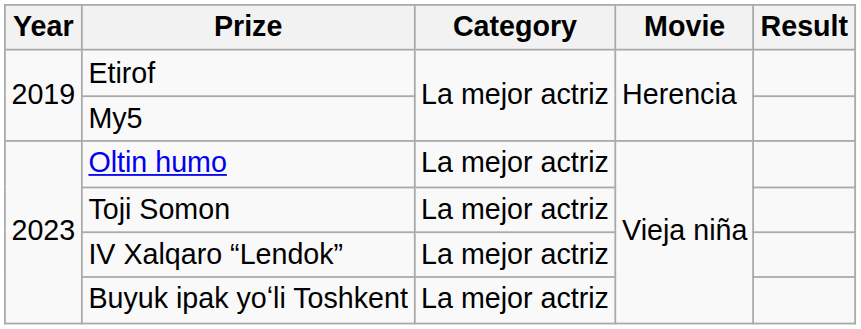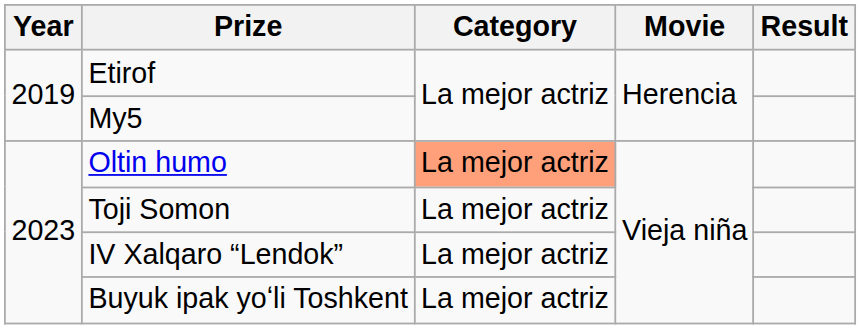 <table class="wikitable">
 <tr>
 <th>Year</th>
 <th>Prize</th>
 <th>Category</th>
 <th>Movie</th>
 <th>Result</th>
 </tr>
 <tr>
 <td rowspan="2">2019</td>
 <td>Etirof</td>
 <td rowspan="2">La mejor actriz</td>
 <td rowspan="2">Herencia</td>
 <td></td>
 </tr>
 <tr>
 <td>My5</td>
 <td></td>
 </tr>
 <tr>
 <td rowspan="4">2023</td>
 <td><a href='#'>Oltin humo</a></td>
-<td>La mejor actriz</td>
+<td style="background: lightsalmon;">La mejor actriz</td>
 <td rowspan="4">Vieja niña</td>
 <td></td>
 </tr>
 <tr>
 <td>Toji Somon</td>
 <td>La mejor actriz</td>
 <td></td>
 </tr>
 <tr>
 <td>IV Xalqaro “Lendok”</td>
 <td>La mejor actriz</td>
 <td></td>
 </tr>
 <tr>
 <td>Buyuk ipak yoʻli Toshkent</td>
 <td>La mejor actriz</td>
 <td></td>
 </tr>
 </table>
